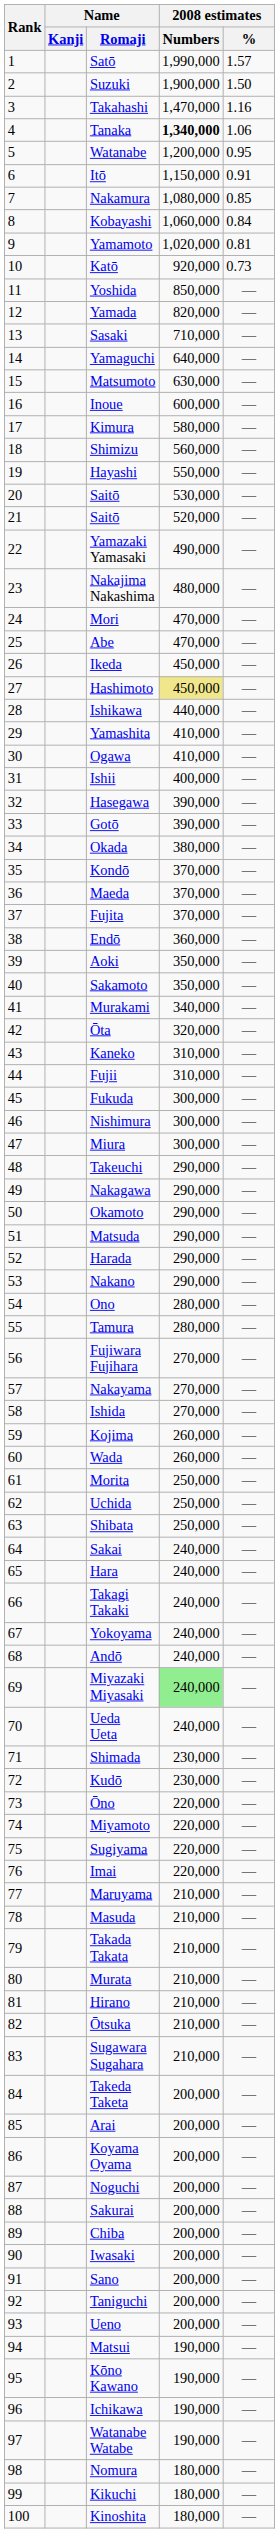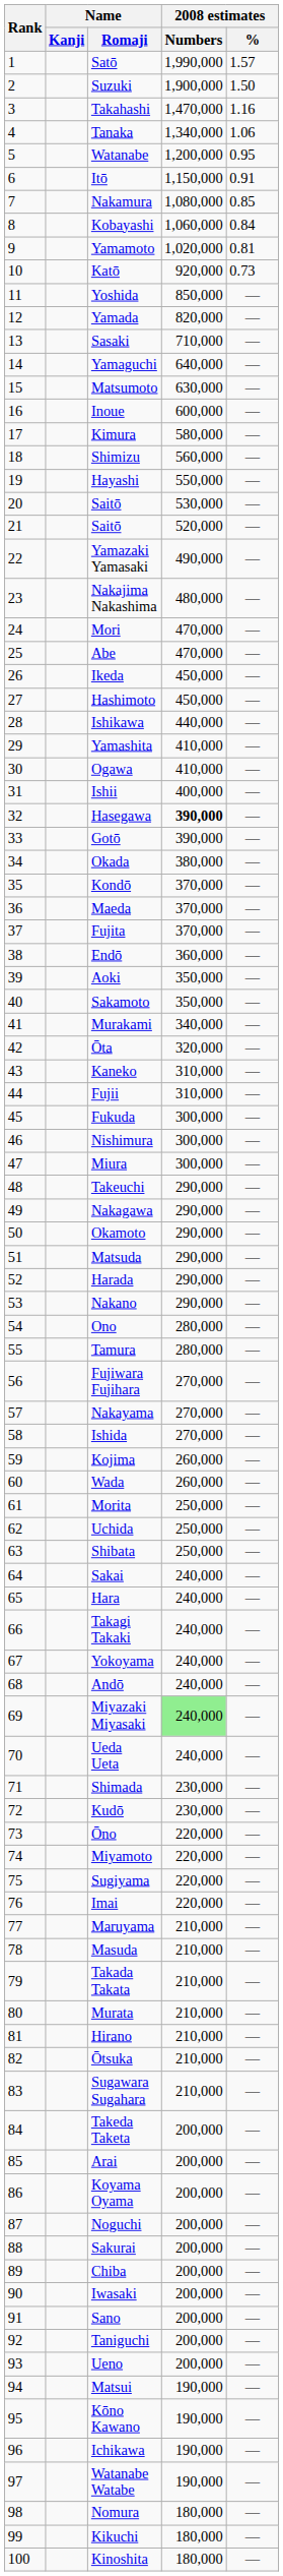 <table class="wikitable sortable">
 <tr>
 <th rowspan=2>Rank</th>
 <th colspan=2>Name</th>
 <th colspan=2>2008 estimates</th>
 </tr>
 <tr>
 <th><a href='#'>Kanji</a></th>
 <th><a href='#'>Romaji</a></th>
 <th>Numbers</th>
 <th width=50>%</th>
 </tr>
 <tr>
 <td>1</td>
 <td></td>
 <td><a href='#'>Satō</a></td>
 <td align="right">1,990,000</td>
 <td>1.57</td>
 </tr>
 <tr>
 <td>2</td>
 <td></td>
 <td><a href='#'>Suzuki</a></td>
 <td align="right">1,900,000</td>
 <td>1.50</td>
 </tr>
 <tr>
 <td>3</td>
 <td></td>
 <td><a href='#'>Takahashi</a></td>
 <td align="right">1,470,000</td>
 <td>1.16</td>
 </tr>
 <tr>
 <td>4</td>
 <td></td>
 <td><a href='#'>Tanaka</a></td>
-<td align="right"><strong>1,340,000</strong></td>
+<td align="right">1,340,000</td>
 <td>1.06</td>
 </tr>
 <tr>
 <td>5</td>
 <td></td>
 <td><a href='#'>Watanabe</a></td>
 <td align="right">1,200,000</td>
 <td>0.95</td>
 </tr>
 <tr>
 <td>6</td>
 <td></td>
 <td><a href='#'>Itō</a></td>
 <td align="right">1,150,000</td>
 <td>0.91</td>
 </tr>
 <tr>
 <td>7</td>
 <td></td>
 <td><a href='#'>Nakamura</a></td>
 <td align="right">1,080,000</td>
 <td>0.85</td>
 </tr>
 <tr>
 <td>8</td>
 <td></td>
 <td><a href='#'>Kobayashi</a></td>
 <td align="right">1,060,000</td>
 <td>0.84</td>
 </tr>
 <tr>
 <td>9</td>
 <td></td>
 <td><a href='#'>Yamamoto</a></td>
 <td align="right">1,020,000</td>
 <td>0.81</td>
 </tr>
 <tr>
 <td>10</td>
 <td></td>
 <td><a href='#'>Katō</a></td>
 <td align="right">920,000</td>
 <td>0.73</td>
 </tr>
 <tr>
 <td>11</td>
 <td></td>
 <td><a href='#'>Yoshida</a></td>
 <td align="right">850,000</td>
 <td style="text-align:center;">—</td>
 </tr>
 <tr>
 <td>12</td>
 <td></td>
 <td><a href='#'>Yamada</a></td>
 <td align="right">820,000</td>
 <td style="text-align:center;">—</td>
 </tr>
 <tr>
 <td>13</td>
 <td></td>
 <td><a href='#'>Sasaki</a></td>
 <td align="right">710,000</td>
 <td style="text-align:center;">—</td>
 </tr>
 <tr>
 <td>14</td>
 <td></td>
 <td><a href='#'>Yamaguchi</a></td>
 <td align="right">640,000</td>
 <td style="text-align:center;">—</td>
 </tr>
 <tr>
 <td>15</td>
 <td></td>
 <td><a href='#'>Matsumoto</a></td>
 <td align="right">630,000</td>
 <td style="text-align:center;">—</td>
 </tr>
 <tr>
 <td>16</td>
 <td></td>
 <td><a href='#'>Inoue</a></td>
 <td align="right">600,000</td>
 <td style="text-align:center;">—</td>
 </tr>
 <tr>
 <td>17</td>
 <td></td>
 <td><a href='#'>Kimura</a></td>
 <td align="right">580,000</td>
 <td style="text-align:center;">—</td>
 </tr>
 <tr>
 <td>18</td>
 <td></td>
 <td><a href='#'>Shimizu</a></td>
 <td align="right">560,000</td>
 <td style="text-align:center;">—</td>
 </tr>
 <tr>
 <td>19</td>
 <td></td>
 <td><a href='#'>Hayashi</a></td>
 <td align="right">550,000</td>
 <td style="text-align:center;">—</td>
 </tr>
 <tr>
 <td>20</td>
 <td></td>
 <td><a href='#'>Saitō</a></td>
 <td align="right">530,000</td>
 <td style="text-align:center;">—</td>
 </tr>
 <tr>
 <td>21</td>
 <td></td>
 <td><a href='#'>Saitō</a></td>
 <td align="right">520,000</td>
 <td style="text-align:center;">—</td>
 </tr>
 <tr>
 <td>22</td>
 <td></td>
 <td><a href='#'>Yamazaki</a><br>Yamasaki</td>
 <td align="right">490,000</td>
 <td style="text-align:center;">—</td>
 </tr>
 <tr>
 <td>23</td>
 <td></td>
 <td><a href='#'>Nakajima</a><br>Nakashima</td>
 <td align="right">480,000</td>
 <td style="text-align:center;">—</td>
 </tr>
 <tr>
 <td>24</td>
 <td></td>
 <td><a href='#'>Mori</a></td>
 <td align="right">470,000</td>
 <td style="text-align:center;">—</td>
 </tr>
 <tr>
 <td>25</td>
 <td></td>
 <td><a href='#'>Abe</a></td>
 <td align="right">470,000</td>
 <td style="text-align:center;">—</td>
 </tr>
 <tr>
 <td>26</td>
 <td></td>
 <td><a href='#'>Ikeda</a></td>
 <td align="right">450,000</td>
 <td style="text-align:center;">—</td>
 </tr>
 <tr>
 <td>27</td>
 <td></td>
 <td><a href='#'>Hashimoto</a></td>
-<td align="right" style="background: khaki;">450,000</td>
+<td align="right">450,000</td>
 <td style="text-align:center;">—</td>
 </tr>
 <tr>
 <td>28</td>
 <td></td>
 <td><a href='#'>Ishikawa</a></td>
 <td align="right">440,000</td>
 <td style="text-align:center;">—</td>
 </tr>
 <tr>
 <td>29</td>
 <td></td>
 <td><a href='#'>Yamashita</a></td>
 <td align="right">410,000</td>
 <td style="text-align:center;">—</td>
 </tr>
 <tr>
 <td>30</td>
 <td></td>
 <td><a href='#'>Ogawa</a></td>
 <td align="right">410,000</td>
 <td style="text-align:center;">—</td>
 </tr>
 <tr>
 <td>31</td>
 <td></td>
 <td><a href='#'>Ishii</a></td>
 <td align="right">400,000</td>
 <td style="text-align:center;">—</td>
 </tr>
 <tr>
 <td>32</td>
 <td></td>
 <td><a href='#'>Hasegawa</a></td>
-<td align="right">390,000</td>
+<td align="right"><strong>390,000</strong></td>
 <td style="text-align:center;">—</td>
 </tr>
 <tr>
 <td>33</td>
 <td></td>
 <td><a href='#'>Gotō</a></td>
 <td align="right">390,000</td>
 <td style="text-align:center;">—</td>
 </tr>
 <tr>
 <td>34</td>
 <td></td>
 <td><a href='#'>Okada</a></td>
 <td align="right">380,000</td>
 <td style="text-align:center;">—</td>
 </tr>
 <tr>
 <td>35</td>
 <td></td>
 <td><a href='#'>Kondō</a></td>
 <td align="right">370,000</td>
 <td style="text-align:center;">—</td>
 </tr>
 <tr>
 <td>36</td>
 <td></td>
 <td><a href='#'>Maeda</a></td>
 <td align="right">370,000</td>
 <td style="text-align:center;">—</td>
 </tr>
 <tr>
 <td>37</td>
 <td></td>
 <td><a href='#'>Fujita</a></td>
 <td align="right">370,000</td>
 <td style="text-align:center;">—</td>
 </tr>
 <tr>
 <td>38</td>
 <td></td>
 <td><a href='#'>Endō</a></td>
 <td align="right">360,000</td>
 <td style="text-align:center;">—</td>
 </tr>
 <tr>
 <td>39</td>
 <td></td>
 <td><a href='#'>Aoki</a></td>
 <td align="right">350,000</td>
 <td style="text-align:center;">—</td>
 </tr>
 <tr>
 <td>40</td>
 <td></td>
 <td><a href='#'>Sakamoto</a></td>
 <td align="right">350,000</td>
 <td style="text-align:center;">—</td>
 </tr>
 <tr>
 <td>41</td>
 <td></td>
 <td><a href='#'>Murakami</a></td>
 <td align="right">340,000</td>
 <td style="text-align:center;">—</td>
 </tr>
 <tr>
 <td>42</td>
 <td></td>
 <td><a href='#'>Ōta</a></td>
 <td align="right">320,000</td>
 <td style="text-align:center;">—</td>
 </tr>
 <tr>
 <td>43</td>
 <td></td>
 <td><a href='#'>Kaneko</a></td>
 <td align="right">310,000</td>
 <td style="text-align:center;">—</td>
 </tr>
 <tr>
 <td>44</td>
 <td></td>
 <td><a href='#'>Fujii</a></td>
 <td align="right">310,000</td>
 <td style="text-align:center;">—</td>
 </tr>
 <tr>
 <td>45</td>
 <td></td>
 <td><a href='#'>Fukuda</a></td>
 <td align="right">300,000</td>
 <td style="text-align:center;">—</td>
 </tr>
 <tr>
 <td>46</td>
 <td></td>
 <td><a href='#'>Nishimura</a></td>
 <td align="right">300,000</td>
 <td style="text-align:center;">—</td>
 </tr>
 <tr>
 <td>47</td>
 <td></td>
 <td><a href='#'>Miura</a></td>
 <td align="right">300,000</td>
 <td style="text-align:center;">—</td>
 </tr>
 <tr>
 <td>48</td>
 <td></td>
 <td><a href='#'>Takeuchi</a></td>
 <td align="right">290,000</td>
 <td style="text-align:center;">—</td>
 </tr>
 <tr>
 <td>49</td>
 <td></td>
 <td><a href='#'>Nakagawa</a></td>
 <td align="right">290,000</td>
 <td style="text-align:center;">—</td>
 </tr>
 <tr>
 <td>50</td>
 <td></td>
 <td><a href='#'>Okamoto</a></td>
 <td align="right">290,000</td>
 <td style="text-align:center;">—</td>
 </tr>
 <tr>
 <td>51</td>
 <td></td>
 <td><a href='#'>Matsuda</a></td>
 <td align="right">290,000</td>
 <td style="text-align:center;">—</td>
 </tr>
 <tr>
 <td>52</td>
 <td></td>
 <td><a href='#'>Harada</a></td>
 <td align="right">290,000</td>
 <td style="text-align:center;">—</td>
 </tr>
 <tr>
 <td>53</td>
 <td></td>
 <td><a href='#'>Nakano</a></td>
 <td align="right">290,000</td>
 <td style="text-align:center;">—</td>
 </tr>
 <tr>
 <td>54</td>
 <td></td>
 <td><a href='#'>Ono</a></td>
 <td align="right">280,000</td>
 <td style="text-align:center;">—</td>
 </tr>
 <tr>
 <td>55</td>
 <td></td>
 <td><a href='#'>Tamura</a></td>
 <td align="right">280,000</td>
 <td style="text-align:center;">—</td>
 </tr>
 <tr>
 <td>56</td>
 <td></td>
 <td><a href='#'>Fujiwara</a><br><a href='#'>Fujihara</a></td>
 <td align="right">270,000</td>
 <td style="text-align:center;">—</td>
 </tr>
 <tr>
 <td>57</td>
 <td></td>
 <td><a href='#'>Nakayama</a></td>
 <td align="right">270,000</td>
 <td style="text-align:center;">—</td>
 </tr>
 <tr>
 <td>58</td>
 <td></td>
 <td><a href='#'>Ishida</a></td>
 <td align="right">270,000</td>
 <td style="text-align:center;">—</td>
 </tr>
 <tr>
 <td>59</td>
 <td></td>
 <td><a href='#'>Kojima</a></td>
 <td align="right">260,000</td>
 <td style="text-align:center;">—</td>
 </tr>
 <tr>
 <td>60</td>
 <td></td>
 <td><a href='#'>Wada</a></td>
 <td align="right">260,000</td>
 <td style="text-align:center;">—</td>
 </tr>
 <tr>
 <td>61</td>
 <td></td>
 <td><a href='#'>Morita</a></td>
 <td align="right">250,000</td>
 <td style="text-align:center;">—</td>
 </tr>
 <tr>
 <td>62</td>
 <td></td>
 <td><a href='#'>Uchida</a></td>
 <td align="right">250,000</td>
 <td style="text-align:center;">—</td>
 </tr>
 <tr>
 <td>63</td>
 <td></td>
 <td><a href='#'>Shibata</a></td>
 <td align="right">250,000</td>
 <td style="text-align:center;">—</td>
 </tr>
 <tr>
 <td>64</td>
 <td></td>
 <td><a href='#'>Sakai</a></td>
 <td align="right">240,000</td>
 <td style="text-align:center;">—</td>
 </tr>
 <tr>
 <td>65</td>
 <td></td>
 <td><a href='#'>Hara</a></td>
 <td align="right">240,000</td>
 <td style="text-align:center;">—</td>
 </tr>
 <tr>
 <td>66</td>
 <td></td>
 <td><a href='#'>Takagi</a><br><a href='#'>Takaki</a></td>
 <td align="right">240,000</td>
 <td style="text-align:center;">—</td>
 </tr>
 <tr>
 <td>67</td>
 <td></td>
 <td><a href='#'>Yokoyama</a></td>
 <td align="right">240,000</td>
 <td style="text-align:center;">—</td>
 </tr>
 <tr>
 <td>68</td>
 <td></td>
 <td><a href='#'>Andō</a></td>
 <td align="right">240,000</td>
 <td style="text-align:center;">—</td>
 </tr>
 <tr>
 <td>69</td>
 <td></td>
 <td><a href='#'>Miyazaki</a><br><a href='#'>Miyasaki</a></td>
 <td align="right" style="background: lightgreen;">240,000</td>
 <td style="text-align:center;">—</td>
 </tr>
 <tr>
 <td>70</td>
 <td></td>
 <td><a href='#'>Ueda</a><br><a href='#'>Ueta</a></td>
 <td align="right">240,000</td>
 <td style="text-align:center;">—</td>
 </tr>
 <tr>
 <td>71</td>
 <td></td>
 <td><a href='#'>Shimada</a></td>
 <td align="right">230,000</td>
 <td style="text-align:center;">—</td>
 </tr>
 <tr>
 <td>72</td>
 <td></td>
 <td><a href='#'>Kudō</a></td>
 <td align="right">230,000</td>
 <td style="text-align:center;">—</td>
 </tr>
 <tr>
 <td>73</td>
 <td></td>
 <td><a href='#'>Ōno</a></td>
 <td align="right">220,000</td>
 <td style="text-align:center;">—</td>
 </tr>
 <tr>
 <td>74</td>
 <td></td>
 <td><a href='#'>Miyamoto</a></td>
 <td align="right">220,000</td>
 <td style="text-align:center;">—</td>
 </tr>
 <tr>
 <td>75</td>
 <td></td>
 <td><a href='#'>Sugiyama</a></td>
 <td align="right">220,000</td>
 <td style="text-align:center;">—</td>
 </tr>
 <tr>
 <td>76</td>
 <td></td>
 <td><a href='#'>Imai</a></td>
 <td align="right">220,000</td>
 <td style="text-align:center;">—</td>
 </tr>
 <tr>
 <td>77</td>
 <td></td>
 <td><a href='#'>Maruyama</a></td>
 <td align="right">210,000</td>
 <td style="text-align:center;">—</td>
 </tr>
 <tr>
 <td>78</td>
 <td></td>
 <td><a href='#'>Masuda</a></td>
 <td align="right">210,000</td>
 <td style="text-align:center;">—</td>
 </tr>
 <tr>
 <td>79</td>
 <td></td>
 <td><a href='#'>Takada</a><br><a href='#'>Takata</a></td>
 <td align="right">210,000</td>
 <td style="text-align:center;">—</td>
 </tr>
 <tr>
 <td>80</td>
 <td></td>
 <td><a href='#'>Murata</a></td>
 <td align="right">210,000</td>
 <td style="text-align:center;">—</td>
 </tr>
 <tr>
 <td>81</td>
 <td></td>
 <td><a href='#'>Hirano</a></td>
 <td align="right">210,000</td>
 <td style="text-align:center;">—</td>
 </tr>
 <tr>
 <td>82</td>
 <td></td>
 <td><a href='#'>Ōtsuka</a></td>
 <td align="right">210,000</td>
 <td style="text-align:center;">—</td>
 </tr>
 <tr>
 <td>83</td>
 <td></td>
 <td><a href='#'>Sugawara</a><br><a href='#'>Sugahara</a></td>
 <td align="right">210,000</td>
 <td style="text-align:center;">—</td>
 </tr>
 <tr>
 <td>84</td>
 <td></td>
 <td><a href='#'>Takeda</a><br><a href='#'>Taketa</a></td>
 <td align="right">200,000</td>
 <td style="text-align:center;">—</td>
 </tr>
 <tr>
 <td>85</td>
 <td></td>
 <td><a href='#'>Arai</a></td>
 <td align="right">200,000</td>
 <td style="text-align:center;">—</td>
 </tr>
 <tr>
 <td>86</td>
 <td></td>
 <td><a href='#'>Koyama</a><br><a href='#'>Oyama</a></td>
 <td align="right">200,000</td>
 <td style="text-align:center;">—</td>
 </tr>
 <tr>
 <td>87</td>
 <td></td>
 <td><a href='#'>Noguchi</a></td>
 <td align="right">200,000</td>
 <td style="text-align:center;">—</td>
 </tr>
 <tr>
 <td>88</td>
 <td></td>
 <td><a href='#'>Sakurai</a></td>
 <td align="right">200,000</td>
 <td style="text-align:center;">—</td>
 </tr>
 <tr>
 <td>89</td>
 <td></td>
 <td><a href='#'>Chiba</a></td>
 <td align="right">200,000</td>
 <td style="text-align:center;">—</td>
 </tr>
 <tr>
 <td>90</td>
 <td></td>
 <td><a href='#'>Iwasaki</a></td>
 <td align="right">200,000</td>
 <td style="text-align:center;">—</td>
 </tr>
 <tr>
 <td>91</td>
 <td></td>
 <td><a href='#'>Sano</a></td>
 <td align="right">200,000</td>
 <td style="text-align:center;">—</td>
 </tr>
 <tr>
 <td>92</td>
 <td></td>
 <td><a href='#'>Taniguchi</a></td>
 <td align="right">200,000</td>
 <td style="text-align:center;">—</td>
 </tr>
 <tr>
 <td>93</td>
 <td></td>
 <td><a href='#'>Ueno</a></td>
 <td align="right">200,000</td>
 <td style="text-align:center;">—</td>
 </tr>
 <tr>
 <td>94</td>
 <td></td>
 <td><a href='#'>Matsui</a></td>
 <td align="right">190,000</td>
 <td style="text-align:center;">—</td>
 </tr>
 <tr>
 <td>95</td>
 <td></td>
 <td><a href='#'>Kōno</a><br><a href='#'>Kawano</a></td>
 <td align="right">190,000</td>
 <td style="text-align:center;">—</td>
 </tr>
 <tr>
 <td>96</td>
 <td></td>
 <td><a href='#'>Ichikawa</a></td>
 <td align="right">190,000</td>
 <td style="text-align:center;">—</td>
 </tr>
 <tr>
 <td>97</td>
 <td></td>
 <td><a href='#'>Watanabe</a><br><a href='#'>Watabe</a></td>
 <td align="right">190,000</td>
 <td style="text-align:center;">—</td>
 </tr>
 <tr>
 <td>98</td>
 <td></td>
 <td><a href='#'>Nomura</a></td>
 <td align="right">180,000</td>
 <td style="text-align:center;">—</td>
 </tr>
 <tr>
 <td>99</td>
 <td></td>
 <td><a href='#'>Kikuchi</a></td>
 <td align="right">180,000</td>
 <td style="text-align:center;">—</td>
 </tr>
 <tr>
 <td>100</td>
 <td></td>
 <td><a href='#'>Kinoshita</a></td>
 <td align="right">180,000</td>
 <td style="text-align:center;">—</td>
 </tr>
 </table>
